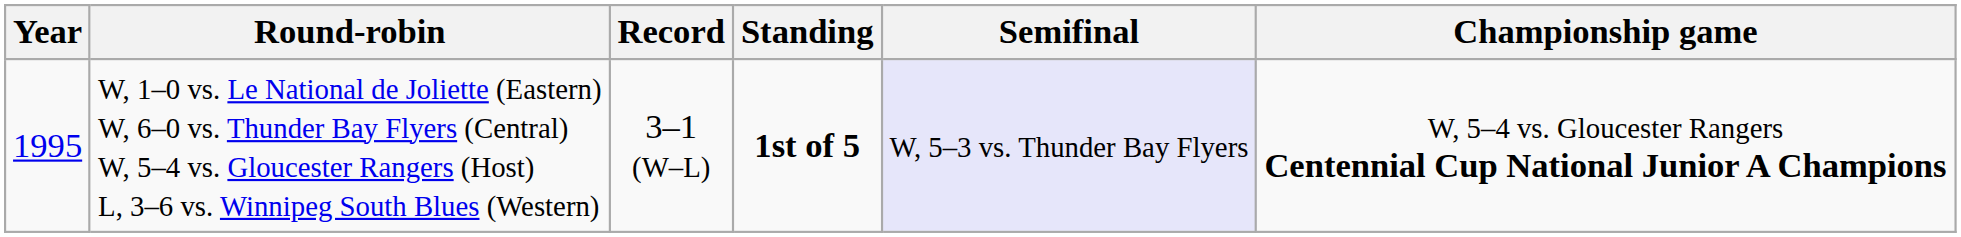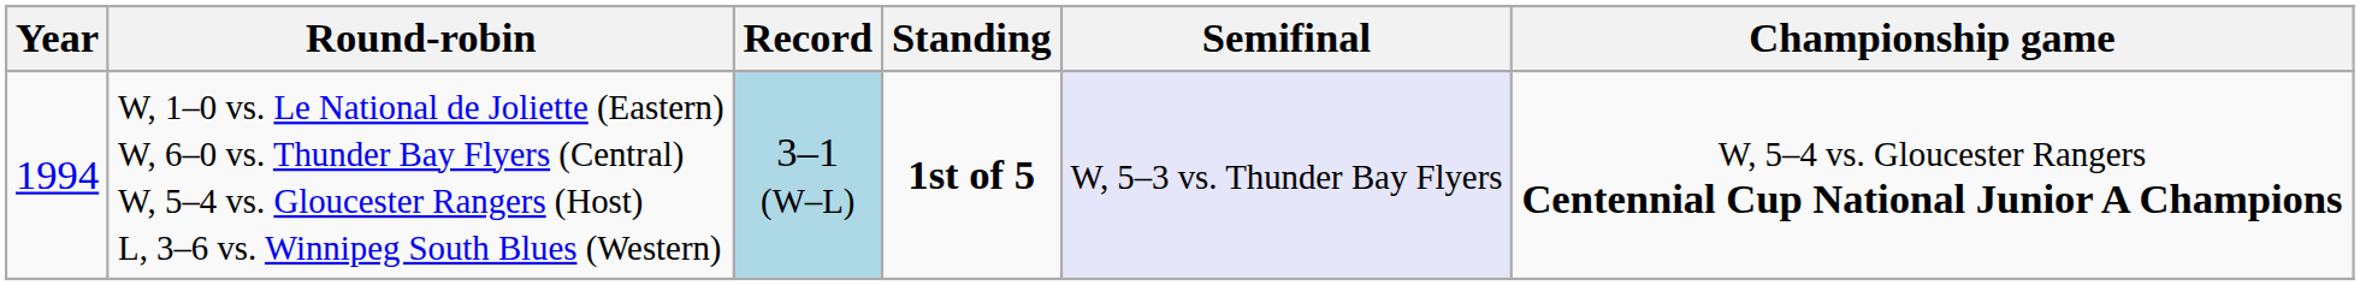 <table class="wikitable" style="text-align:center">
 <tr>
 <th>Year</th>
 <th>Round-robin</th>
 <th>Record</th>
 <th>Standing</th>
 <th>Semifinal</th>
 <th>Championship game</th>
 </tr>
 <tr>
-<td><a href='#'>1995</a></td>
+<td><a href='#'>1994</a></td>
 <td align=left><small>W, 1–0 vs. <a href='#'>Le National de Joliette</a> (Eastern)<br>W, 6–0 vs. <a href='#'>Thunder Bay Flyers</a> (Central)<br>W, 5–4 vs. <a href='#'>Gloucester Rangers</a> (Host)<br>L, 3–6 vs. <a href='#'>Winnipeg South Blues</a> (Western)</small></td>
-<td>3–1<br><small>(W–L)</small></td>
+<td style="background: lightblue;">3–1<br><small>(W–L)</small></td>
 <td><strong>1st of 5</strong></td>
 <td style="background: lavender;"><small>W, 5–3 vs. Thunder Bay Flyers</small></td>
 <td><small>W, 5–4 vs. Gloucester Rangers</small><br><strong>Centennial Cup National Junior A Champions</strong></td>
 </tr>
 </table>
